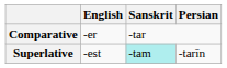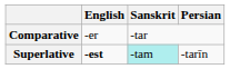 <table class="wikitable" style="margin: 1em auto 1em auto;">
 <tr>
 <th></th>
 <th>English</th>
 <th>Sanskrit</th>
 <th>Persian</th>
 </tr>
 <tr>
 <th>Comparative</th>
 <td>-er</td>
 <td colspan="2">-tar</td>
 </tr>
 <tr>
 <th>Superlative</th>
-<td>-est</td>
+<td><strong>-est</strong></td>
 <td style="background: paleturquoise;">-tam</td>
 <td>-tarīn</td>
 </tr>
 </table>
